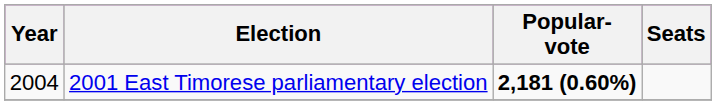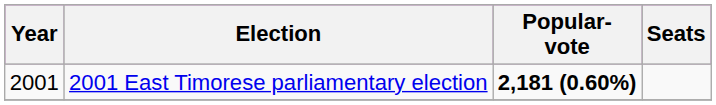 <table class="wikitable">
 <tr style="background-color: purple">
 <th>Year</th>
 <th data-sort-type="text">Election</th>
 <th>Popular-<br>vote</th>
 <th>Seats</th>
 </tr>
 <tr>
-<td>2004</td>
+<td>2001</td>
 <td data-sort-value="1962 Indian general election"><a href='#'>2001 East Timorese parliamentary election</a></td>
 <td style="text-align:right"><strong>2,181 (0.60%)</strong></td>
 <td data-sort-value="0"></td>
 </tr>
 <tr>
 </tr>
 </table>
